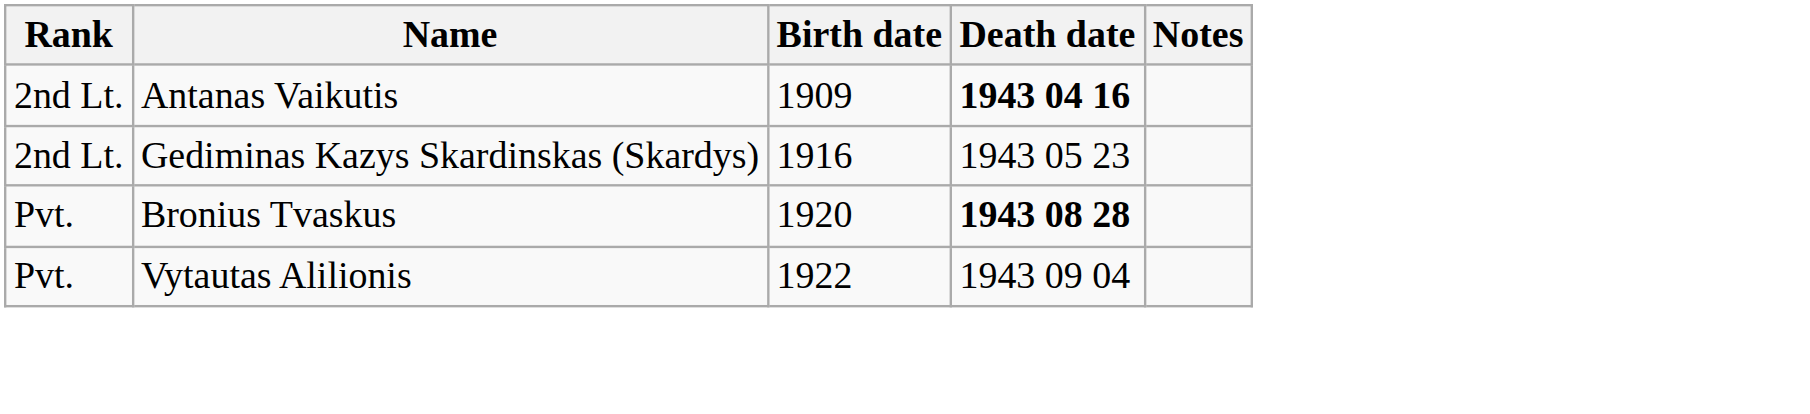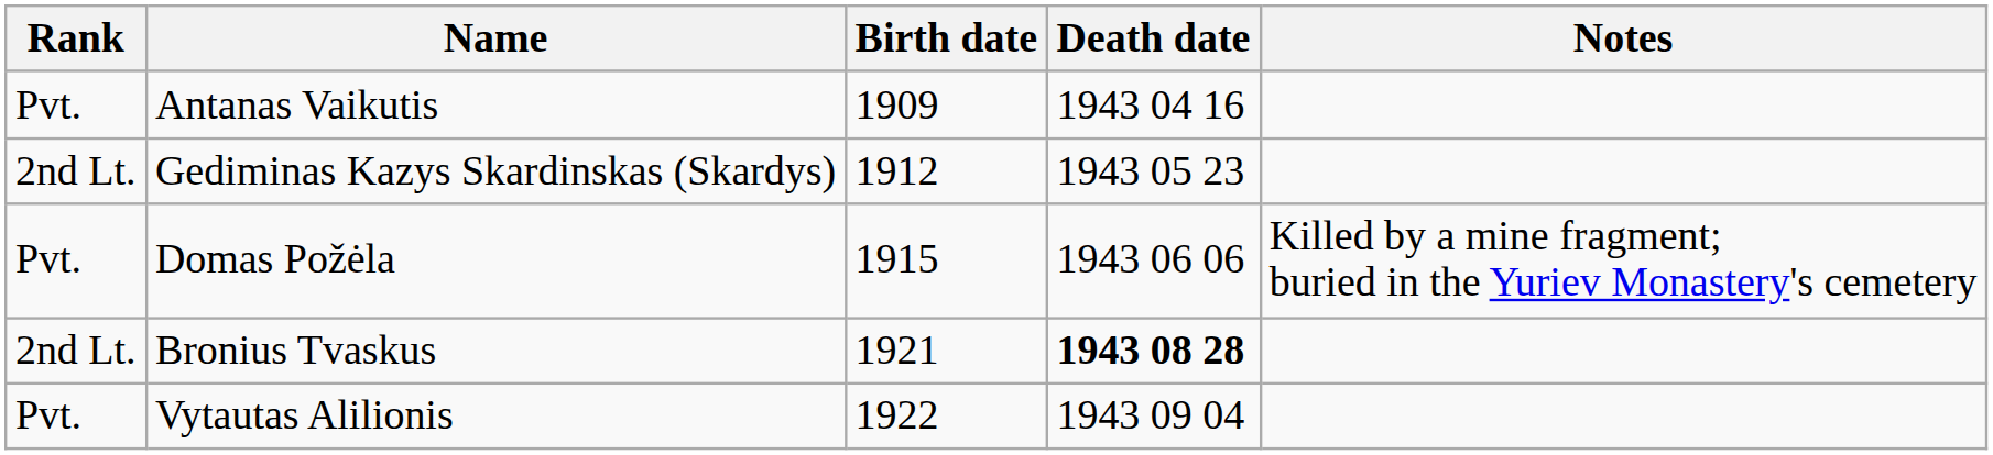 <table class="wikitable">
 <tr>
 <th>Rank</th>
 <th>Name</th>
 <th>Birth date</th>
 <th>Death date</th>
 <th>Notes</th>
 </tr>
 <tr>
-<td>2nd Lt.</td>
+<td>Pvt.</td>
 <td>Antanas Vaikutis</td>
 <td>1909</td>
-<td><strong>1943 04 16</strong></td>
+<td>1943 04 16</td>
 <td></td>
 </tr>
 <tr>
 <td>2nd Lt.</td>
 <td>Gediminas Kazys Skardinskas (Skardys)</td>
-<td>1916</td>
+<td>1912</td>
 <td>1943 05 23</td>
 <td></td>
 </tr>
 <tr>
 <td>Pvt.</td>
+<td>Domas Po­žėla</td>
+<td>1915</td>
+<td>1943 06 06</td>
+<td>Killed by a mine fragment;<br>buried in the <a href='#'>Yuriev Monastery</a>'s cemetery</td>
+</tr>
+<tr>
+<td>2nd Lt.</td>
 <td>Bronius Tvaskus</td>
-<td>1920</td>
+<td>1921</td>
 <td><strong>1943 08 28</strong></td>
 <td></td>
 </tr>
 <tr>
 <td>Pvt.</td>
 <td>Vytautas Alilionis</td>
 <td>1922</td>
 <td>1943 09 04</td>
 <td></td>
 </tr>
 </table>
